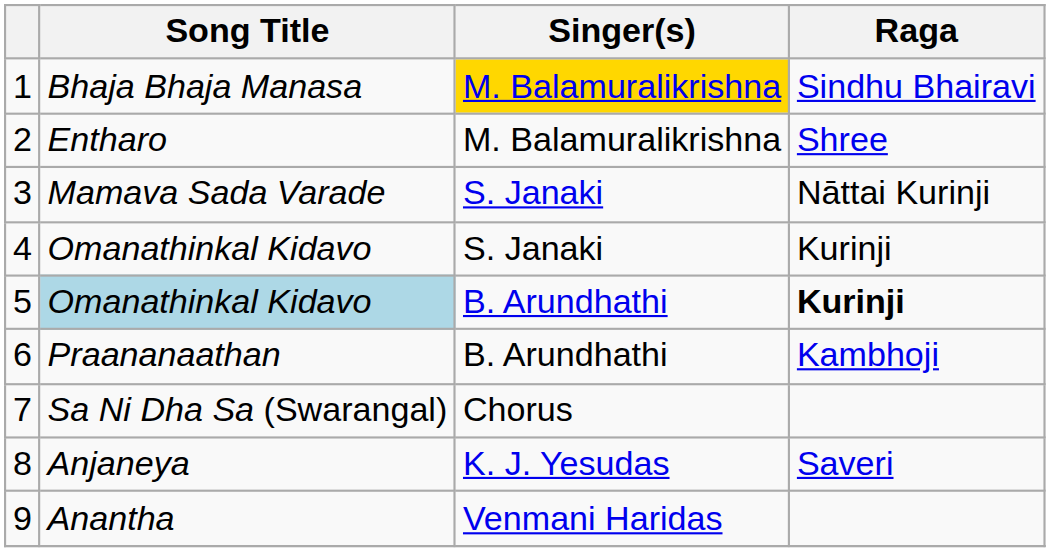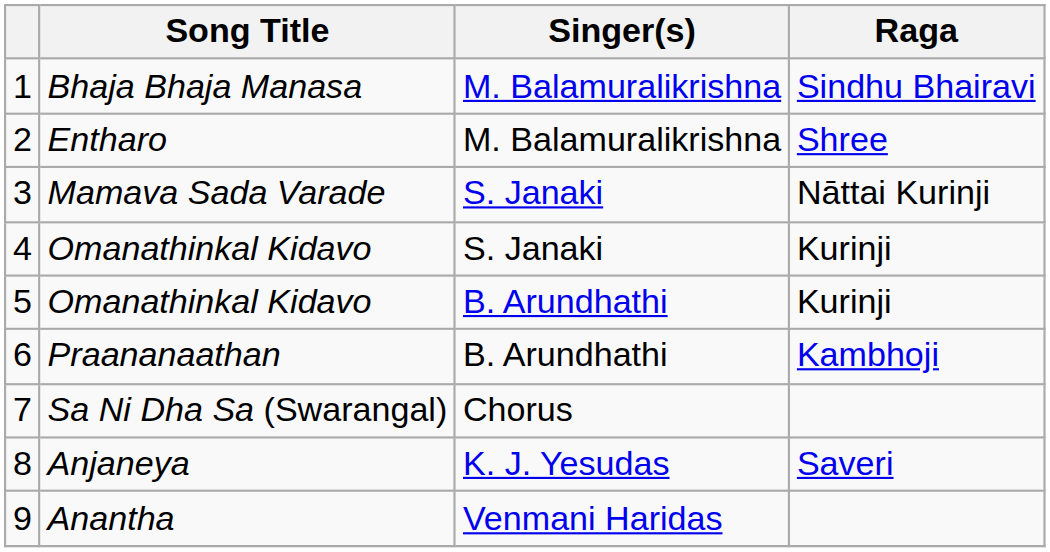 <table class="wikitable">
 <tr>
 <th></th>
 <th>Song Title</th>
 <th>Singer(s)</th>
 <th>Raga</th>
 </tr>
 <tr>
 <td>1</td>
 <td><em>Bhaja Bhaja Manasa</em></td>
-<td style="background: gold;"><a href='#'>M. Balamuralikrishna</a></td>
+<td><a href='#'>M. Balamuralikrishna</a></td>
 <td><a href='#'>Sindhu Bhairavi</a></td>
 </tr>
 <tr>
 <td>2</td>
 <td><em>Entharo</em></td>
 <td>M. Balamuralikrishna</td>
 <td><a href='#'>Shree</a></td>
 </tr>
 <tr>
 <td>3</td>
 <td><em>Mamava Sada Varade</em></td>
 <td><a href='#'>S. Janaki</a></td>
 <td>Nāttai Kurinji</td>
 </tr>
 <tr>
 <td>4</td>
 <td><em>Omanathinkal Kidavo</em></td>
 <td>S. Janaki</td>
 <td>Kurinji</td>
 </tr>
 <tr>
 <td>5</td>
-<td style="background: lightblue;"><em>Omanathinkal Kidavo</em></td>
+<td><em>Omanathinkal Kidavo</em></td>
 <td><a href='#'>B. Arundhathi</a></td>
-<td><strong>Kurinji</strong></td>
+<td>Kurinji</td>
 </tr>
 <tr>
 <td>6</td>
 <td><em>Praananaathan</em></td>
 <td>B. Arundhathi</td>
 <td><a href='#'>Kambhoji</a></td>
 </tr>
 <tr>
 <td>7</td>
 <td><em>Sa Ni Dha Sa</em> (Swarangal)</td>
 <td>Chorus</td>
 <td></td>
 </tr>
 <tr>
 <td>8</td>
 <td><em>Anjaneya</em></td>
 <td><a href='#'>K. J. Yesudas</a></td>
 <td><a href='#'>Saveri</a></td>
 </tr>
 <tr>
 <td>9</td>
 <td><em>Anantha</em></td>
 <td><a href='#'>Venmani Haridas</a></td>
 <td></td>
 </tr>
 <tr>
 </tr>
 </table>
